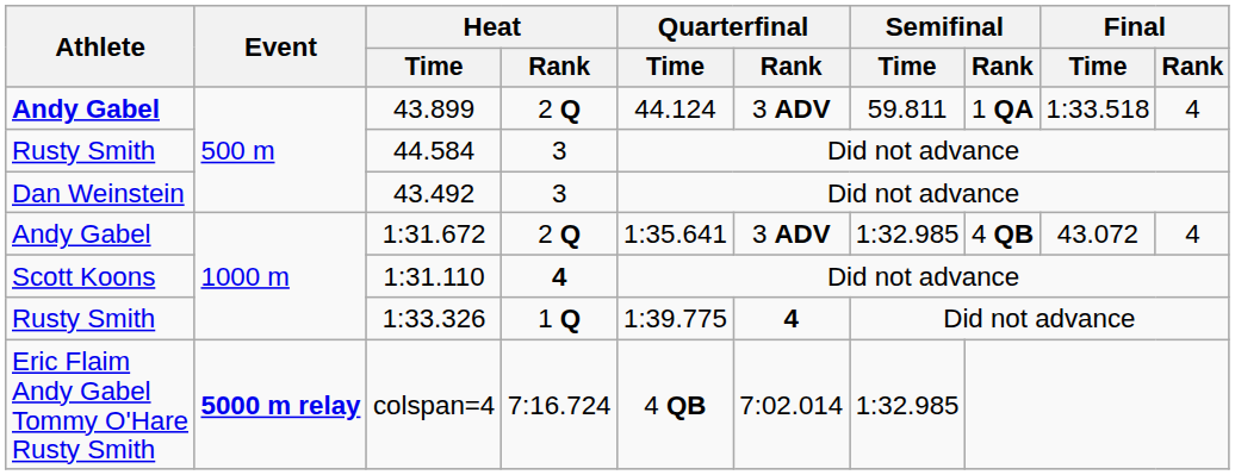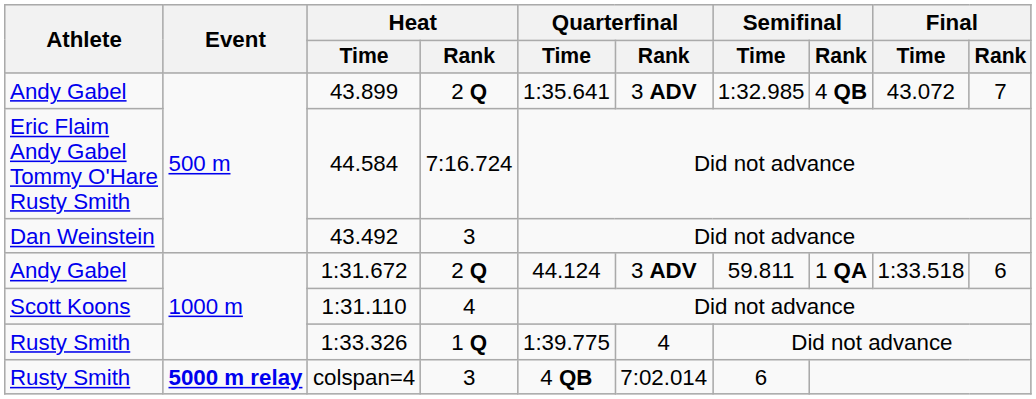 <table class=wikitable style=font-size:90%;text-align:center>
 <tr>
 <th rowspan=2>Athlete</th>
 <th rowspan=2>Event</th>
 <th colspan=2>Heat</th>
 <th colspan=2>Quarterfinal</th>
 <th colspan=2>Semifinal</th>
 <th colspan=2>Final</th>
 </tr>
 <tr style=font-size:95%>
 <th>Time</th>
 <th>Rank</th>
 <th>Time</th>
 <th>Rank</th>
 <th>Time</th>
 <th>Rank</th>
 <th>Time</th>
 <th>Rank</th>
 </tr>
 <tr>
-<td align=left><strong><a href='#'>Andy Gabel</a></strong></td>
+<td align=left><a href='#'>Andy Gabel</a></td>
 <td align=left rowspan=3><a href='#'>500 m</a></td>
 <td>43.899</td>
 <td>2 <strong>Q</strong></td>
-<td>44.124</td>
+<td>1:35.641</td>
 <td>3 <strong>ADV</strong></td>
-<td>59.811</td>
-<td>1 <strong>QA</strong></td>
-<td>1:33.518</td>
-<td>4</td>
+<td>1:32.985</td>
+<td>4 <strong>QB</strong></td>
+<td>43.072</td>
+<td>7</td>
 </tr>
 <tr>
-<td align=left><a href='#'>Rusty Smith</a></td>
+<td align=left><a href='#'>Eric Flaim</a><br><a href='#'>Andy Gabel</a><br><a href='#'>Tommy O'Hare</a><br><a href='#'>Rusty Smith</a></td>
 <td>44.584</td>
-<td>3</td>
+<td>7:16.724</td>
 <td colspan=6>Did not advance</td>
 </tr>
 <tr>
 <td align=left><a href='#'>Dan Weinstein</a></td>
 <td>43.492</td>
 <td>3</td>
 <td colspan=6>Did not advance</td>
 </tr>
 <tr>
 <td align=left><a href='#'>Andy Gabel</a></td>
 <td align=left rowspan=3><a href='#'>1000 m</a></td>
 <td>1:31.672</td>
 <td>2 <strong>Q</strong></td>
-<td>1:35.641</td>
+<td>44.124</td>
 <td>3 <strong>ADV</strong></td>
-<td>1:32.985</td>
-<td>4 <strong>QB</strong></td>
-<td>43.072</td>
-<td>4</td>
+<td>59.811</td>
+<td>1 <strong>QA</strong></td>
+<td>1:33.518</td>
+<td>6</td>
 </tr>
 <tr>
 <td align=left><a href='#'>Scott Koons</a></td>
 <td>1:31.110</td>
-<td><strong>4</strong></td>
+<td>4</td>
 <td colspan=6>Did not advance</td>
 </tr>
 <tr>
 <td align=left><a href='#'>Rusty Smith</a></td>
 <td>1:33.326</td>
 <td>1 <strong>Q</strong></td>
 <td>1:39.775</td>
-<td><strong>4</strong></td>
+<td>4</td>
 <td colspan=4>Did not advance</td>
 </tr>
 <tr>
-<td align=left><a href='#'>Eric Flaim</a><br><a href='#'>Andy Gabel</a><br><a href='#'>Tommy O'Hare</a><br><a href='#'>Rusty Smith</a></td>
+<td align=left><a href='#'>Rusty Smith</a></td>
 <td align=left><strong><a href='#'>5000 m relay</a></strong></td>
 <td>colspan=4 </td>
-<td>7:16.724</td>
+<td>3</td>
 <td>4 <strong>QB</strong></td>
 <td>7:02.014</td>
-<td>1:32.985</td>
+<td>6</td>
 </tr>
 </table>
